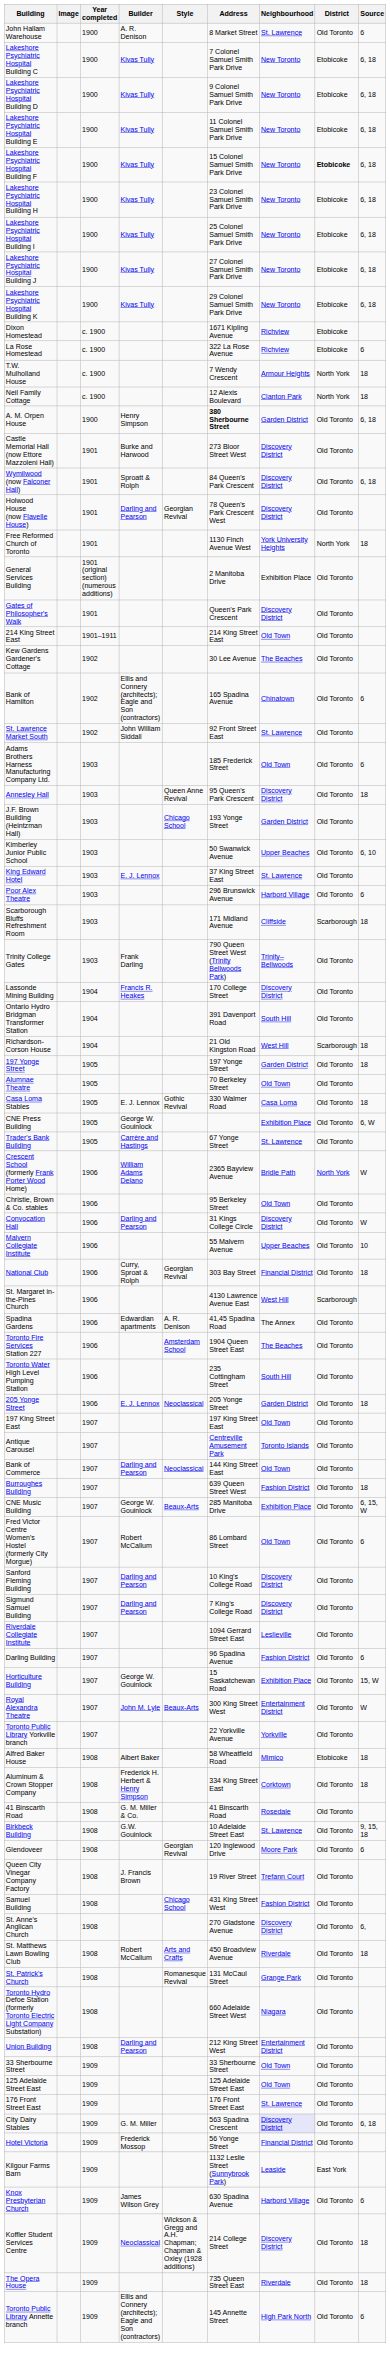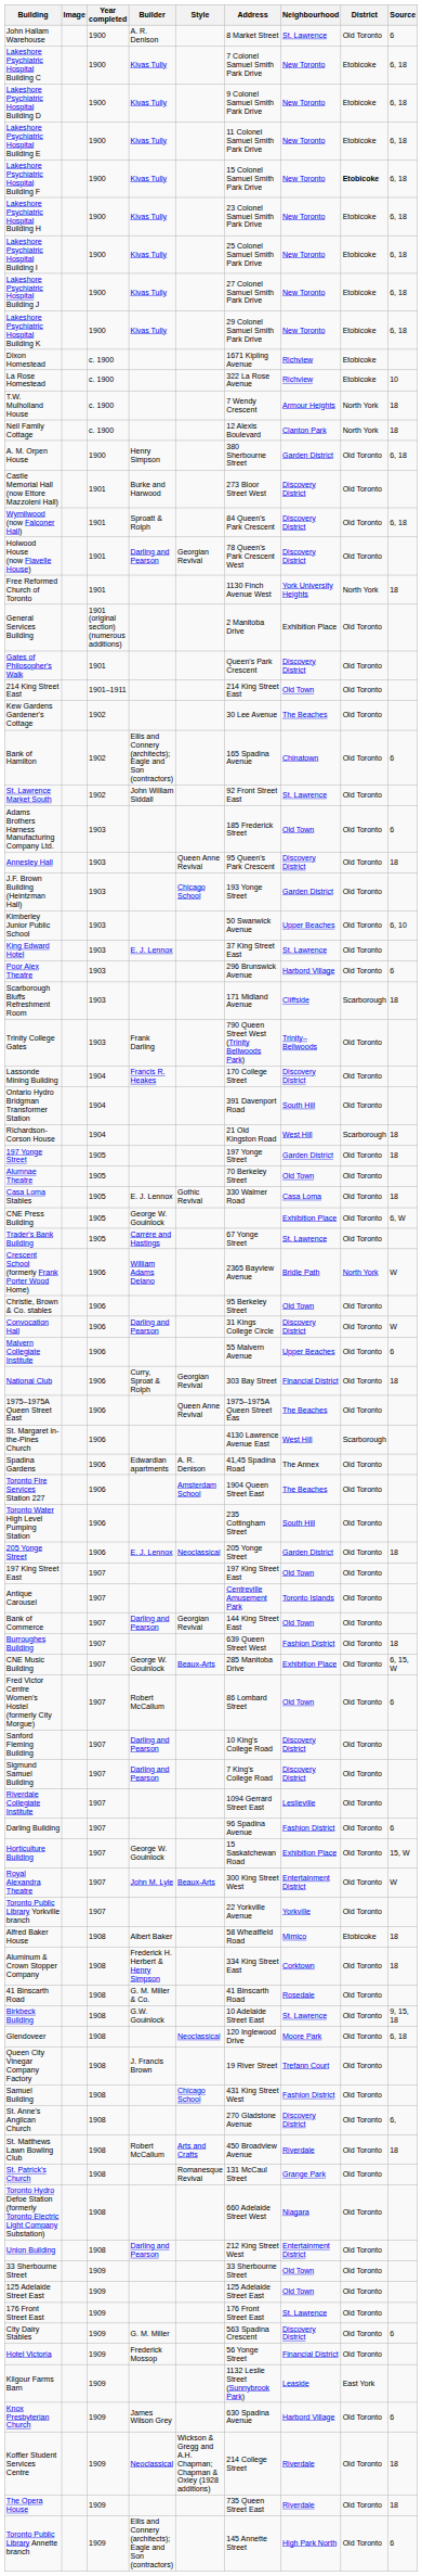 <table class="wikitable sortable plainrowheaders">
 <tr>
 <th scope=col width=18%>Building</th>
 <th scope=col width=1% class="unsortable">Image</th>
 <th scope=col width=4%>Year completed</th>
 <th scope=col width=12%>Builder</th>
 <th scope=col width=12%>Style</th>
 <th scope=col width=16%>Address</th>
 <th scope=col width=12%>Neighbourhood</th>
 <th scope=col width=9%>District</th>
 <th scope=col width=4%>Source</th>
 </tr>
 <tr>
 <td>John Hallam Warehouse</td>
 <td></td>
 <td>1900</td>
 <td>A. R. Denison</td>
 <td></td>
 <td>8 Market Street</td>
 <td><a href='#'>St. Lawrence</a></td>
 <td>Old Toronto</td>
 <td>6</td>
 </tr>
 <tr>
 <td><a href='#'>Lakeshore Psychiatric Hospital</a> Building C</td>
 <td></td>
 <td>1900</td>
 <td><a href='#'>Kivas Tully</a></td>
 <td></td>
 <td>7 Colonel Samuel Smith Park Drive</td>
 <td><a href='#'>New Toronto</a></td>
 <td>Etobicoke</td>
 <td>6, 18</td>
 </tr>
 <tr>
 <td><a href='#'>Lakeshore Psychiatric Hospital</a> Building D</td>
 <td></td>
 <td>1900</td>
 <td><a href='#'>Kivas Tully</a></td>
 <td></td>
 <td>9 Colonel Samuel Smith Park Drive</td>
 <td><a href='#'>New Toronto</a></td>
 <td>Etobicoke</td>
 <td>6, 18</td>
 </tr>
 <tr>
 <td><a href='#'>Lakeshore Psychiatric Hospital</a> Building E</td>
 <td></td>
 <td>1900</td>
 <td><a href='#'>Kivas Tully</a></td>
 <td></td>
 <td>11 Colonel Samuel Smith Park Drive</td>
 <td><a href='#'>New Toronto</a></td>
 <td>Etobicoke</td>
 <td>6, 18</td>
 </tr>
 <tr>
 <td><a href='#'>Lakeshore Psychiatric Hospital</a> Building F</td>
 <td></td>
 <td>1900</td>
 <td><a href='#'>Kivas Tully</a></td>
 <td></td>
 <td>15 Colonel Samuel Smith Park Drive</td>
 <td><a href='#'>New Toronto</a></td>
 <td><strong>Etobicoke</strong></td>
 <td>6, 18</td>
 </tr>
 <tr>
 <td><a href='#'>Lakeshore Psychiatric Hospital</a> Building H</td>
 <td></td>
 <td>1900</td>
 <td><a href='#'>Kivas Tully</a></td>
 <td></td>
 <td>23 Colonel Samuel Smith Park Drive</td>
 <td><a href='#'>New Toronto</a></td>
 <td>Etobicoke</td>
 <td>6, 18</td>
 </tr>
 <tr>
 <td><a href='#'>Lakeshore Psychiatric Hospital</a> Building I</td>
 <td></td>
 <td>1900</td>
 <td><a href='#'>Kivas Tully</a></td>
 <td></td>
 <td>25 Colonel Samuel Smith Park Drive</td>
 <td><a href='#'>New Toronto</a></td>
 <td>Etobicoke</td>
 <td>6, 18</td>
 </tr>
 <tr>
 <td><a href='#'>Lakeshore Psychiatric Hospital</a> Building J</td>
 <td></td>
 <td>1900</td>
 <td><a href='#'>Kivas Tully</a></td>
 <td></td>
 <td>27 Colonel Samuel Smith Park Drive</td>
 <td><a href='#'>New Toronto</a></td>
 <td>Etobicoke</td>
 <td>6, 18</td>
 </tr>
 <tr>
 <td><a href='#'>Lakeshore Psychiatric Hospital</a> Building K</td>
 <td></td>
 <td>1900</td>
 <td><a href='#'>Kivas Tully</a></td>
 <td></td>
 <td>29 Colonel Samuel Smith Park Drive</td>
 <td><a href='#'>New Toronto</a></td>
 <td>Etobicoke</td>
 <td>6, 18</td>
 </tr>
 <tr>
 <td>Dixon Homestead</td>
 <td></td>
 <td>c. 1900</td>
 <td></td>
 <td></td>
 <td>1671 Kipling Avenue</td>
 <td><a href='#'>Richview</a></td>
 <td>Etobicoke</td>
 <td></td>
 </tr>
 <tr>
 <td>La Rose Homestead</td>
 <td></td>
 <td>c. 1900</td>
 <td></td>
 <td></td>
 <td>322 La Rose Avenue</td>
 <td><a href='#'>Richview</a></td>
 <td>Etobicoke</td>
-<td>6</td>
+<td>10</td>
 </tr>
 <tr>
 <td>T.W. Mulholland House</td>
 <td></td>
 <td>c. 1900</td>
 <td></td>
 <td></td>
 <td>7 Wendy Crescent</td>
 <td><a href='#'>Armour Heights</a></td>
 <td>North York</td>
 <td>18</td>
 </tr>
 <tr>
 <td>Neil Family Cottage</td>
 <td></td>
 <td>c. 1900</td>
 <td></td>
 <td></td>
 <td>12 Alexis Boulevard</td>
 <td><a href='#'>Clanton Park</a></td>
 <td>North York</td>
 <td>18</td>
 </tr>
 <tr>
 <td>A. M. Orpen House</td>
 <td></td>
 <td>1900</td>
 <td>Henry Simpson</td>
 <td></td>
-<td><strong>380 Sherbourne Street</strong></td>
+<td>380 Sherbourne Street</td>
 <td><a href='#'>Garden District</a></td>
 <td>Old Toronto</td>
 <td>6, 18</td>
 </tr>
 <tr>
 <td>Castle Memorial Hall (now Ettore Mazzoleni Hall)</td>
 <td></td>
 <td>1901</td>
 <td>Burke and Harwood</td>
 <td></td>
 <td>273 Bloor Street West</td>
 <td><a href='#'>Discovery District</a></td>
 <td>Old Toronto</td>
 <td></td>
 </tr>
 <tr>
 <td><a href='#'>Wymilwood</a><br>(now <a href='#'>Falconer Hall</a>)</td>
 <td></td>
 <td>1901</td>
 <td>Sproatt & Rolph</td>
 <td></td>
 <td>84 Queen's Park Crescent</td>
 <td><a href='#'>Discovery District</a></td>
 <td>Old Toronto</td>
 <td>6, 18</td>
 </tr>
 <tr>
 <td>Holwood House<br>(now <a href='#'>Flavelle House</a>)</td>
 <td></td>
 <td>1901</td>
 <td><a href='#'>Darling and Pearson</a></td>
 <td>Georgian Revival</td>
 <td>78 Queen's Park Crescent West</td>
 <td><a href='#'>Discovery District</a></td>
 <td>Old Toronto</td>
 <td></td>
 </tr>
 <tr>
 <td>Free Reformed Church of Toronto</td>
 <td></td>
 <td>1901</td>
 <td></td>
 <td></td>
 <td>1130 Finch Avenue West</td>
 <td><a href='#'>York University Heights</a></td>
 <td>North York</td>
 <td>18</td>
 </tr>
 <tr>
 <td>General Services Building</td>
 <td></td>
 <td>1901 (original section)<br>(numerous additions)</td>
 <td></td>
 <td></td>
 <td>2 Manitoba Drive</td>
 <td>Exhibition Place</td>
 <td>Old Toronto</td>
 <td></td>
 </tr>
 <tr>
 <td><a href='#'>Gates of Philosopher's Walk</a></td>
 <td></td>
 <td>1901</td>
 <td></td>
 <td></td>
 <td>Queen's Park Crescent</td>
 <td><a href='#'>Discovery District</a></td>
 <td>Old Toronto</td>
 <td></td>
 </tr>
 <tr>
 <td>214 King Street East</td>
 <td></td>
 <td>1901–1911</td>
 <td></td>
 <td></td>
 <td>214 King Street East</td>
 <td><a href='#'>Old Town</a></td>
 <td>Old Toronto</td>
 <td></td>
 </tr>
 <tr>
 <td>Kew Gardens Gardener's Cottage</td>
 <td></td>
 <td>1902</td>
 <td></td>
 <td></td>
 <td>30 Lee Avenue</td>
 <td><a href='#'>The Beaches</a></td>
 <td>Old Toronto</td>
 <td></td>
 </tr>
 <tr>
 <td>Bank of Hamilton</td>
 <td></td>
 <td>1902</td>
 <td>Ellis and Connery (architects); Eagle and Son (contractors)</td>
 <td></td>
 <td>165 Spadina Avenue</td>
 <td><a href='#'>Chinatown</a></td>
 <td>Old Toronto</td>
 <td>6</td>
 </tr>
 <tr>
 <td><a href='#'>St. Lawrence Market South</a></td>
 <td></td>
 <td>1902</td>
 <td>John William Siddall</td>
 <td></td>
 <td>92 Front Street East</td>
 <td><a href='#'>St. Lawrence</a></td>
 <td>Old Toronto</td>
 <td></td>
 </tr>
 <tr>
 <td>Adams Brothers Harness Manufacturing Company Ltd.</td>
 <td></td>
 <td>1903</td>
 <td></td>
 <td></td>
 <td>185 Frederick Street</td>
 <td><a href='#'>Old Town</a></td>
 <td>Old Toronto</td>
 <td>6</td>
 </tr>
 <tr>
 <td><a href='#'>Annesley Hall</a></td>
 <td></td>
 <td>1903</td>
 <td></td>
 <td>Queen Anne Revival</td>
 <td>95 Queen's Park Crescent</td>
 <td><a href='#'>Discovery District</a></td>
 <td>Old Toronto</td>
 <td>18</td>
 </tr>
 <tr>
 <td>J.F. Brown Building (Heintzman Hall)</td>
 <td></td>
 <td>1903</td>
 <td></td>
 <td><a href='#'>Chicago School</a></td>
 <td>193 Yonge Street</td>
 <td><a href='#'>Garden District</a></td>
 <td>Old Toronto</td>
 <td></td>
 </tr>
 <tr>
 <td>Kimberley Junior Public School</td>
 <td></td>
 <td>1903</td>
 <td></td>
 <td></td>
 <td>50 Swanwick Avenue</td>
 <td><a href='#'>Upper Beaches</a></td>
 <td>Old Toronto</td>
 <td>6, 10</td>
 </tr>
 <tr>
 <td><a href='#'>King Edward Hotel</a></td>
 <td></td>
 <td>1903</td>
 <td><a href='#'>E. J. Lennox</a></td>
 <td></td>
 <td>37 King Street East</td>
 <td><a href='#'>St. Lawrence</a></td>
 <td>Old Toronto</td>
 <td></td>
 </tr>
 <tr>
 <td><a href='#'>Poor Alex Theatre</a></td>
 <td></td>
 <td>1903</td>
 <td></td>
 <td></td>
 <td>296 Brunswick Avenue</td>
 <td><a href='#'>Harbord Village</a></td>
 <td>Old Toronto</td>
 <td>6</td>
 </tr>
 <tr>
 <td>Scarborough Bluffs Refreshment Room</td>
 <td></td>
 <td>1903</td>
 <td></td>
 <td></td>
 <td>171 Midland Avenue</td>
 <td><a href='#'>Cliffside</a></td>
 <td>Scarborough</td>
 <td>18</td>
 </tr>
 <tr>
 <td>Trinity College Gates</td>
 <td></td>
 <td>1903</td>
 <td>Frank Darling</td>
 <td></td>
 <td>790 Queen Street West (<a href='#'>Trinity Bellwoods Park</a>)</td>
 <td><a href='#'>Trinity–Bellwoods</a></td>
 <td>Old Toronto</td>
 <td></td>
 </tr>
 <tr>
 <td>Lassonde Mining Building</td>
 <td></td>
 <td>1904</td>
 <td><a href='#'>Francis R. Heakes</a></td>
 <td></td>
 <td>170 College Street</td>
 <td><a href='#'>Discovery District</a></td>
 <td>Old Toronto</td>
 <td></td>
 </tr>
 <tr>
 <td>Ontario Hydro Bridgman Transformer Station</td>
 <td></td>
 <td>1904</td>
 <td></td>
 <td></td>
 <td>391 Davenport Road</td>
 <td><a href='#'>South Hill</a></td>
 <td>Old Toronto</td>
 <td></td>
 </tr>
 <tr>
 <td>Richardson-Corson House</td>
 <td></td>
 <td>1904</td>
 <td></td>
 <td></td>
 <td>21 Old Kingston Road</td>
 <td><a href='#'>West Hill</a></td>
 <td>Scarborough</td>
 <td>18</td>
 </tr>
 <tr>
 <td><a href='#'>197 Yonge Street</a></td>
 <td></td>
 <td>1905</td>
 <td></td>
 <td></td>
 <td>197 Yonge Street</td>
 <td><a href='#'>Garden District</a></td>
 <td>Old Toronto</td>
 <td>18</td>
 </tr>
 <tr>
 <td><a href='#'>Alumnae Theatre</a></td>
 <td></td>
 <td>1905</td>
 <td></td>
 <td></td>
 <td>70 Berkeley Street</td>
 <td><a href='#'>Old Town</a></td>
 <td>Old Toronto</td>
 <td></td>
 </tr>
 <tr>
 <td><a href='#'>Casa Loma</a> Stables</td>
 <td></td>
 <td>1905</td>
 <td>E. J. Lennox</td>
 <td>Gothic Revival</td>
 <td>330 Walmer Road</td>
 <td><a href='#'>Casa Loma</a></td>
 <td>Old Toronto</td>
 <td>18</td>
 </tr>
 <tr>
 <td>CNE Press Building</td>
 <td></td>
 <td>1905</td>
 <td>George W. Gouinlock</td>
 <td></td>
 <td></td>
 <td><a href='#'>Exhibition Place</a></td>
 <td>Old Toronto</td>
 <td>6, W</td>
 </tr>
 <tr>
 <td><a href='#'>Trader's Bank Building</a></td>
 <td></td>
 <td>1905</td>
 <td><a href='#'>Carrère and Hastings</a></td>
 <td></td>
 <td>67 Yonge Street</td>
 <td><a href='#'>St. Lawrence</a></td>
 <td>Old Toronto</td>
 <td></td>
 </tr>
 <tr>
 <td><a href='#'>Crescent School</a> (formerly <a href='#'>Frank Porter Wood</a> Home)</td>
 <td></td>
 <td>1906</td>
 <td><a href='#'>William Adams Delano</a></td>
 <td></td>
 <td>2365 Bayview Avenue</td>
 <td><a href='#'>Bridle Path</a></td>
 <td><a href='#'>North York</a></td>
 <td>W</td>
 </tr>
 <tr>
 <td>Christie, Brown & Co. stables</td>
 <td></td>
 <td>1906</td>
 <td></td>
 <td></td>
 <td>95 Berkeley Street</td>
 <td><a href='#'>Old Town</a></td>
 <td>Old Toronto</td>
 <td></td>
 </tr>
 <tr>
 <td><a href='#'>Convocation Hall</a></td>
 <td></td>
 <td>1906</td>
 <td><a href='#'>Darling and Pearson</a></td>
 <td></td>
 <td>31 Kings College Circle</td>
 <td><a href='#'>Discovery District</a></td>
 <td>Old Toronto</td>
 <td>W</td>
 </tr>
 <tr>
 <td><a href='#'>Malvern Collegiate Institute</a></td>
 <td></td>
 <td>1906</td>
 <td></td>
 <td></td>
 <td>55 Malvern Avenue</td>
 <td><a href='#'>Upper Beaches</a></td>
 <td>Old Toronto</td>
-<td>10</td>
+<td>6</td>
 </tr>
 <tr>
 <td><a href='#'>National Club</a></td>
 <td></td>
 <td>1906</td>
 <td>Curry, Sproat & Rolph</td>
 <td>Georgian Revival</td>
 <td>303 Bay Street</td>
 <td><a href='#'>Financial District</a></td>
 <td>Old Toronto</td>
 <td>18</td>
+</tr>
+<tr>
+<td>1975–1975A Queen Street East</td>
+<td></td>
+<td>1906</td>
+<td></td>
+<td>Queen Anne Revival</td>
+<td>1975–1975A Queen Street Eas</td>
+<td><a href='#'>The Beaches</a></td>
+<td>Old Toronto</td>
+<td></td>
 </tr>
 <tr>
 <td>St. Margaret in-the-Pines Church</td>
 <td></td>
 <td>1906</td>
 <td></td>
 <td></td>
 <td>4130 Lawrence Avenue East</td>
 <td><a href='#'>West Hill</a></td>
 <td>Scarborough</td>
 <td></td>
 </tr>
 <tr>
 <td>Spadina Gardens</td>
 <td></td>
 <td>1906</td>
 <td>Edwardian apartments</td>
 <td>A. R. Denison</td>
 <td>41,45 Spadina Road</td>
 <td>The Annex</td>
 <td>Old Toronto</td>
 <td></td>
 </tr>
 <tr>
 <td><a href='#'>Toronto Fire Services</a> Station 227</td>
 <td></td>
 <td>1906</td>
 <td></td>
 <td><a href='#'>Amsterdam School</a></td>
 <td>1904 Queen Street East</td>
 <td><a href='#'>The Beaches</a></td>
 <td>Old Toronto</td>
 <td></td>
 </tr>
 <tr>
 <td><a href='#'>Toronto Water</a> High Level Pumping Station</td>
 <td></td>
 <td>1906</td>
 <td></td>
 <td></td>
 <td>235 Cottingham Street</td>
 <td><a href='#'>South Hill</a></td>
 <td>Old Toronto</td>
 <td></td>
 </tr>
 <tr>
 <td><a href='#'>205 Yonge Street</a></td>
 <td></td>
 <td>1906</td>
 <td><a href='#'>E. J. Lennox</a></td>
 <td><a href='#'>Neoclassical</a></td>
 <td>205 Yonge Street</td>
 <td><a href='#'>Garden District</a></td>
 <td>Old Toronto</td>
 <td>18</td>
 </tr>
 <tr>
 <td>197 King Street East</td>
 <td></td>
 <td>1907</td>
 <td></td>
 <td></td>
 <td>197 King Street East</td>
 <td><a href='#'>Old Town</a></td>
 <td>Old Toronto</td>
 <td></td>
 </tr>
 <tr>
 <td>Antique Carousel</td>
 <td></td>
 <td>1907</td>
 <td></td>
 <td></td>
 <td><a href='#'>Centreville Amusement Park</a></td>
 <td><a href='#'>Toronto Islands</a></td>
 <td>Old Toronto</td>
 <td></td>
 </tr>
 <tr>
 <td>Bank of Commerce</td>
 <td></td>
 <td>1907</td>
 <td><a href='#'>Darling and Pearson</a></td>
-<td><a href='#'>Neoclassical</a></td>
+<td>Georgian Revival</td>
 <td>144 King Street East</td>
 <td><a href='#'>Old Town</a></td>
 <td>Old Toronto</td>
 <td></td>
 </tr>
 <tr>
 <td><a href='#'>Burroughes Building</a></td>
 <td></td>
 <td>1907</td>
 <td></td>
 <td></td>
 <td>639 Queen Street West</td>
 <td><a href='#'>Fashion District</a></td>
 <td>Old Toronto</td>
 <td>18</td>
 </tr>
 <tr>
 <td>CNE Music Building</td>
 <td></td>
 <td>1907</td>
 <td>George W. Gouinlock</td>
 <td><a href='#'>Beaux-Arts</a></td>
 <td>285 Manitoba Drive</td>
 <td><a href='#'>Exhibition Place</a></td>
 <td>Old Toronto</td>
 <td>6, 15, W</td>
 </tr>
 <tr>
 <td>Fred Victor Centre Women's Hostel (formerly City Morgue)</td>
 <td></td>
 <td>1907</td>
 <td>Robert McCallum</td>
 <td></td>
 <td>86 Lombard Street</td>
 <td><a href='#'>Old Town</a></td>
 <td>Old Toronto</td>
 <td>6</td>
 </tr>
 <tr>
 <td>Sanford Fleming Building</td>
 <td></td>
 <td>1907</td>
 <td><a href='#'>Darling and Pearson</a></td>
 <td></td>
 <td>10 King's College Road</td>
 <td><a href='#'>Discovery District</a></td>
 <td>Old Toronto</td>
 <td></td>
 </tr>
 <tr>
 <td>Sigmund Samuel Building</td>
 <td></td>
 <td>1907</td>
 <td><a href='#'>Darling and Pearson</a></td>
 <td></td>
 <td>7 King's College Road</td>
 <td><a href='#'>Discovery District</a></td>
 <td>Old Toronto</td>
 <td></td>
 </tr>
 <tr>
 <td><a href='#'>Riverdale Collegiate Institute</a></td>
 <td></td>
 <td>1907</td>
 <td></td>
 <td></td>
 <td>1094 Gerrard Street East</td>
 <td><a href='#'>Leslieville</a></td>
 <td>Old Toronto</td>
 <td></td>
 </tr>
 <tr>
 <td>Darling Building</td>
 <td></td>
 <td>1907</td>
 <td></td>
 <td></td>
 <td>96 Spadina Avenue</td>
 <td><a href='#'>Fashion District</a></td>
 <td>Old Toronto</td>
 <td>6</td>
 </tr>
 <tr>
 <td><a href='#'>Horticulture Building</a></td>
 <td></td>
 <td>1907</td>
 <td>George W. Gouinlock</td>
 <td></td>
 <td>15 Saskatchewan Road</td>
 <td><a href='#'>Exhibition Place</a></td>
 <td>Old Toronto</td>
 <td>15, W</td>
 </tr>
 <tr>
 <td><a href='#'>Royal Alexandra Theatre</a></td>
 <td></td>
 <td>1907</td>
 <td><a href='#'>John M. Lyle</a></td>
 <td><a href='#'>Beaux-Arts</a></td>
 <td>300 King Street West</td>
 <td><a href='#'>Entertainment District</a></td>
 <td>Old Toronto</td>
 <td>W</td>
 </tr>
 <tr>
 <td><a href='#'>Toronto Public Library</a> Yorkville branch</td>
 <td></td>
 <td>1907</td>
 <td></td>
 <td></td>
 <td>22 Yorkville Avenue</td>
 <td><a href='#'>Yorkville</a></td>
 <td>Old Toronto</td>
 <td></td>
 </tr>
 <tr>
 <td>Alfred Baker House</td>
 <td></td>
 <td>1908</td>
 <td>Albert Baker</td>
 <td></td>
 <td>58 Wheatfield Road</td>
 <td><a href='#'>Mimico</a></td>
 <td>Etobicoke</td>
 <td>18</td>
 </tr>
 <tr>
 <td>Aluminum & Crown Stopper Company</td>
 <td></td>
 <td>1908</td>
 <td>Frederick H. Herbert & <a href='#'>Henry Simpson</a></td>
 <td></td>
 <td>334 King Street East</td>
 <td><a href='#'>Corktown</a></td>
 <td>Old Toronto</td>
 <td>18</td>
 </tr>
 <tr>
 <td>41 Binscarth Road</td>
 <td></td>
 <td>1908</td>
 <td>G. M. Miller & Co.</td>
 <td></td>
 <td>41 Binscarth Road</td>
 <td><a href='#'>Rosedale</a></td>
 <td>Old Toronto</td>
 <td></td>
 </tr>
 <tr>
 <td><a href='#'>Birkbeck Building</a></td>
 <td></td>
 <td>1908</td>
 <td>G.W. Gouinlock</td>
 <td></td>
 <td>10 Adelaide Street East</td>
 <td><a href='#'>St. Lawrence</a></td>
 <td>Old Toronto</td>
 <td>9, 15, 18</td>
 </tr>
 <tr>
 <td>Glendoveer</td>
 <td></td>
 <td>1908</td>
 <td></td>
-<td>Georgian Revival</td>
+<td><a href='#'>Neoclassical</a></td>
 <td>120 Inglewood Drive</td>
 <td><a href='#'>Moore Park</a></td>
 <td>Old Toronto</td>
-<td>6</td>
+<td>6, 18</td>
 </tr>
 <tr>
 <td>Queen City Vinegar Company Factory</td>
 <td></td>
 <td>1908</td>
 <td>J. Francis Brown</td>
 <td></td>
 <td>19 River Street</td>
 <td><a href='#'>Trefann Court</a></td>
 <td>Old Toronto</td>
 <td></td>
 </tr>
 <tr>
 <td>Samuel Building</td>
 <td></td>
 <td>1908</td>
 <td></td>
 <td><a href='#'>Chicago School</a></td>
 <td>431 King Street West</td>
 <td><a href='#'>Fashion District</a></td>
 <td>Old Toronto</td>
 <td></td>
 </tr>
 <tr>
 <td>St. Anne's Anglican Church</td>
 <td></td>
 <td>1908</td>
 <td></td>
 <td></td>
 <td>270 Gladstone Avenue</td>
 <td><a href='#'>Discovery District</a></td>
 <td>Old Toronto</td>
 <td>6,</td>
 </tr>
 <tr>
 <td>St. Matthews Lawn Bowling Club</td>
 <td></td>
 <td>1908</td>
 <td>Robert McCallum</td>
 <td><a href='#'>Arts and Crafts</a></td>
 <td>450 Broadview Avenue</td>
 <td><a href='#'>Riverdale</a></td>
 <td>Old Toronto</td>
 <td>18</td>
 </tr>
 <tr>
 <td><a href='#'>St. Patrick's Church</a></td>
 <td></td>
 <td>1908</td>
 <td></td>
 <td>Romanesque Revival</td>
 <td>131 McCaul Street</td>
 <td><a href='#'>Grange Park</a></td>
 <td>Old Toronto</td>
 <td></td>
 </tr>
 <tr>
 <td><a href='#'>Toronto Hydro</a> Defoe Station (formerly <a href='#'>Toronto Electric Light Company</a> Substation)</td>
 <td></td>
 <td>1908</td>
 <td></td>
 <td></td>
 <td>660 Adelaide Street West</td>
 <td><a href='#'>Niagara</a></td>
 <td>Old Toronto</td>
 <td></td>
 </tr>
 <tr>
 <td><a href='#'>Union Building</a></td>
 <td></td>
 <td>1908</td>
 <td><a href='#'>Darling and Pearson</a></td>
 <td></td>
 <td>212 King Street West</td>
 <td><a href='#'>Entertainment District</a></td>
 <td>Old Toronto</td>
 <td></td>
 </tr>
 <tr>
 <td>33 Sherbourne Street</td>
 <td></td>
 <td>1909</td>
 <td></td>
 <td></td>
 <td>33 Sherbourne Street</td>
 <td><a href='#'>Old Town</a></td>
 <td>Old Toronto</td>
 <td></td>
 </tr>
 <tr>
 <td>125 Adelaide Street East</td>
 <td></td>
 <td>1909</td>
 <td></td>
 <td></td>
 <td>125 Adelaide Street East</td>
 <td><a href='#'>Old Town</a></td>
 <td>Old Toronto</td>
 <td></td>
 </tr>
 <tr>
 <td>176 Front Street East</td>
 <td></td>
 <td>1909</td>
 <td></td>
 <td></td>
 <td>176 Front Street East</td>
 <td><a href='#'>St. Lawrence</a></td>
 <td>Old Toronto</td>
 <td></td>
 </tr>
 <tr>
 <td>City Dairy Stables</td>
 <td></td>
 <td>1909</td>
 <td>G. M. Miller</td>
 <td></td>
 <td>563 Spadina Crescent</td>
-<td style="background: lavender;"><a href='#'>Discovery District</a></td>
+<td><a href='#'>Discovery District</a></td>
 <td>Old Toronto</td>
-<td>6, 18</td>
+<td>6</td>
 </tr>
 <tr>
 <td><a href='#'>Hotel Victoria</a></td>
 <td></td>
 <td>1909</td>
 <td>Frederick Mossop</td>
 <td></td>
 <td>56 Yonge Street</td>
 <td><a href='#'>Financial District</a></td>
 <td>Old Toronto</td>
 <td></td>
 </tr>
 <tr>
 <td>Kilgour Farms Barn</td>
 <td></td>
 <td>1909</td>
 <td></td>
 <td></td>
 <td>1132 Leslie Street (<a href='#'>Sunnybrook Park</a>)</td>
 <td><a href='#'>Leaside</a></td>
 <td>East York</td>
 <td></td>
 </tr>
 <tr>
 <td><a href='#'>Knox Presbyterian Church</a></td>
 <td></td>
 <td>1909</td>
 <td>James Wilson Grey</td>
 <td></td>
 <td>630 Spadina Avenue</td>
 <td><a href='#'>Harbord Village</a></td>
 <td>Old Toronto</td>
 <td>6</td>
 </tr>
 <tr>
 <td>Koffler Student Services Centre</td>
 <td></td>
 <td>1909</td>
 <td><a href='#'>Neoclassical</a></td>
 <td>Wickson & Gregg and A.H. Chapman; Chapman & Oxley (1928 additions)</td>
 <td>214 College Street</td>
-<td><a href='#'>Discovery District</a></td>
+<td><a href='#'>Riverdale</a></td>
 <td>Old Toronto</td>
 <td>18</td>
 </tr>
 <tr>
 <td><a href='#'>The Opera House</a></td>
 <td></td>
 <td>1909</td>
 <td></td>
 <td></td>
 <td>735 Queen Street East</td>
 <td><a href='#'>Riverdale</a></td>
 <td>Old Toronto</td>
 <td>18</td>
 </tr>
 <tr>
 <td><a href='#'>Toronto Public Library</a> Annette branch</td>
 <td></td>
 <td>1909</td>
 <td>Ellis and Connery (architects); Eagle and Son (contractors)</td>
 <td></td>
 <td>145 Annette Street</td>
 <td><a href='#'>High Park North</a></td>
 <td>Old Toronto</td>
 <td>6</td>
 </tr>
 </table>
